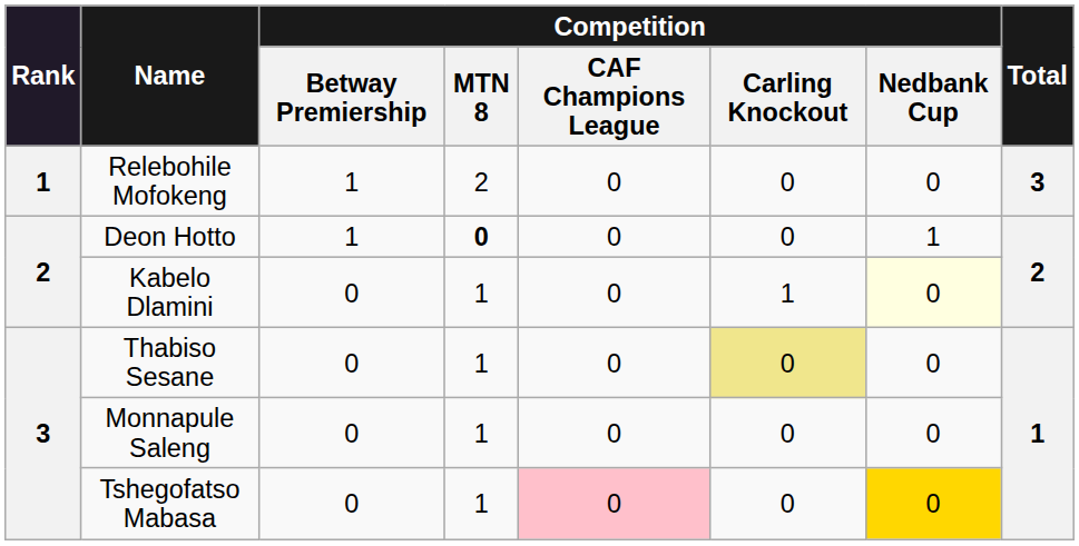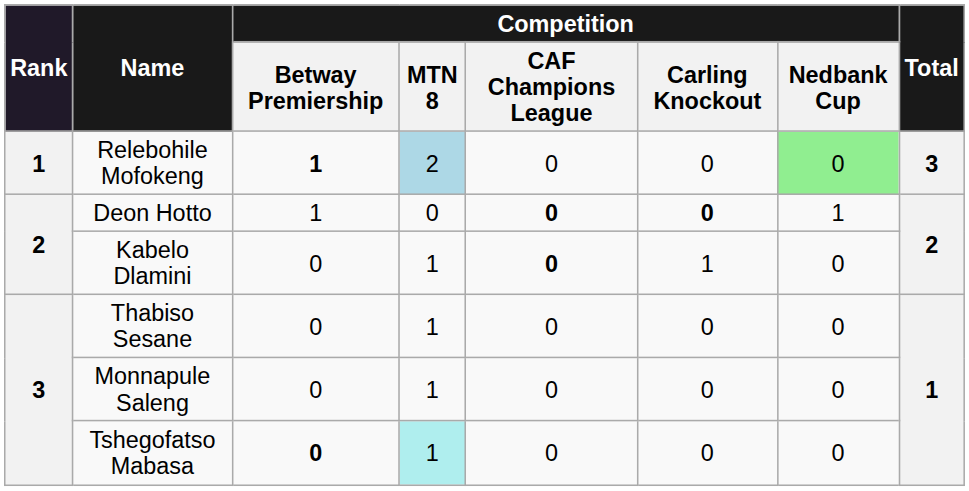 <table class="wikitable sortable" style="text-align:center;font-size:95%;width:100%">
 <tr>
 <th rowspan="2" style="background:#201929;color:white;text-align:center;">Rank</th>
 <th rowspan="2" style="background:#191919;color:white;text-align:center;">Name</th>
 <th colspan="5" style="background:#191919;color:white;text-align:center;">Competition</th>
 <th rowspan="2" style="background:#191919;color:white;text-align:center;">Total</th>
 </tr>
 <tr>
 <th>Betway Premiership</th>
 <th>MTN 8</th>
 <th>CAF Champions League</th>
 <th>Carling Knockout</th>
 <th>Nedbank Cup</th>
 </tr>
 <tr>
 <th>1</th>
 <td>Relebohile Mofokeng</td>
-<td>1</td>
-<td>2</td>
+<td><strong>1</strong></td>
+<td style="background: lightblue;">2</td>
 <td>0</td>
 <td>0</td>
-<td>0</td>
+<td style="background: lightgreen;">0</td>
 <th>3</th>
 </tr>
 <tr>
 <th rowspan="2">2</th>
 <td>Deon Hotto</td>
 <td>1</td>
+<td>0</td>
 <td><strong>0</strong></td>
-<td>0</td>
-<td>0</td>
+<td><strong>0</strong></td>
 <td>1</td>
 <th rowspan="2">2</th>
 </tr>
 <tr>
 <td>Kabelo Dlamini</td>
 <td>0</td>
 <td>1</td>
+<td><strong>0</strong></td>
+<td>1</td>
 <td>0</td>
-<td>1</td>
-<td style="background: lightyellow;">0</td>
 </tr>
 <tr>
 <th rowspan="3">3</th>
 <td>Thabiso Sesane</td>
 <td>0</td>
 <td>1</td>
 <td>0</td>
-<td style="background: khaki;">0</td>
+<td>0</td>
 <td>0</td>
 <th rowspan="3">1</th>
 </tr>
 <tr>
 <td>Monnapule Saleng</td>
 <td>0</td>
 <td>1</td>
 <td>0</td>
 <td>0</td>
 <td>0</td>
 </tr>
 <tr>
 <td>Tshegofatso Mabasa</td>
+<td><strong>0</strong></td>
+<td style="background: paleturquoise;">1</td>
 <td>0</td>
-<td>1</td>
-<td style="background: pink;">0</td>
 <td>0</td>
-<td style="background: gold;">0</td>
+<td>0</td>
 </tr>
 </table>
